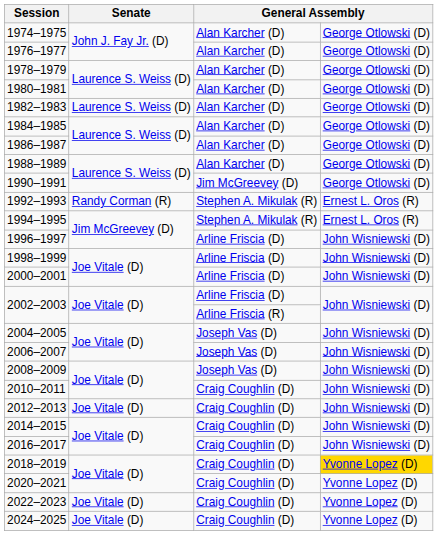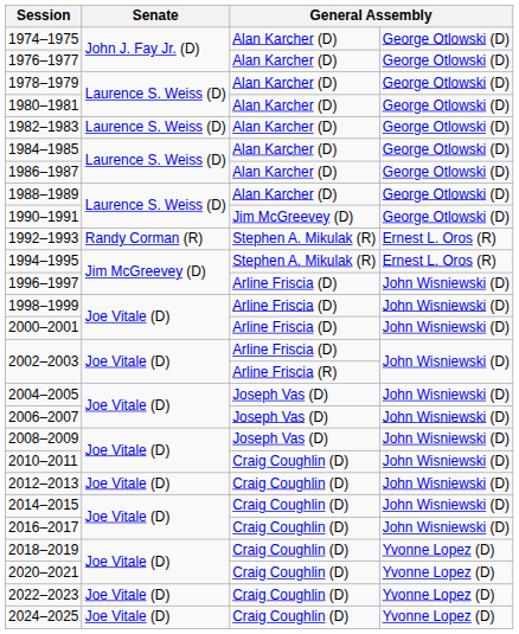 <table class="wikitable">
 <tr>
 <th>Session</th>
 <th>Senate</th>
 <th colspan=2>General Assembly</th>
 </tr>
 <tr>
 <td>1974–1975</td>
 <td rowspan=2 ><a href='#'>John J. Fay Jr.</a> (D)</td>
 <td><a href='#'>Alan Karcher</a> (D)</td>
 <td><a href='#'>George Otlowski</a> (D)</td>
 </tr>
 <tr>
 <td>1976–1977</td>
 <td><a href='#'>Alan Karcher</a> (D)</td>
 <td><a href='#'>George Otlowski</a> (D)</td>
 </tr>
 <tr>
 <td>1978–1979</td>
 <td rowspan=2 ><a href='#'>Laurence S. Weiss</a> (D)</td>
 <td><a href='#'>Alan Karcher</a> (D)</td>
 <td><a href='#'>George Otlowski</a> (D)</td>
 </tr>
 <tr>
 <td>1980–1981</td>
 <td><a href='#'>Alan Karcher</a> (D)</td>
 <td><a href='#'>George Otlowski</a> (D)</td>
 </tr>
 <tr>
 <td>1982–1983</td>
 <td><a href='#'>Laurence S. Weiss</a> (D)</td>
 <td><a href='#'>Alan Karcher</a> (D)</td>
 <td><a href='#'>George Otlowski</a> (D)</td>
 </tr>
 <tr>
 <td>1984–1985</td>
 <td rowspan=2 ><a href='#'>Laurence S. Weiss</a> (D)</td>
 <td><a href='#'>Alan Karcher</a> (D)</td>
 <td><a href='#'>George Otlowski</a> (D)</td>
 </tr>
 <tr>
 <td>1986–1987</td>
 <td><a href='#'>Alan Karcher</a> (D)</td>
 <td><a href='#'>George Otlowski</a> (D)</td>
 </tr>
 <tr>
 <td>1988–1989</td>
 <td rowspan=2 ><a href='#'>Laurence S. Weiss</a> (D)</td>
 <td><a href='#'>Alan Karcher</a> (D)</td>
 <td><a href='#'>George Otlowski</a> (D)</td>
 </tr>
 <tr>
 <td>1990–1991</td>
 <td><a href='#'>Jim McGreevey</a> (D)</td>
 <td><a href='#'>George Otlowski</a> (D)</td>
 </tr>
 <tr>
 <td>1992–1993</td>
 <td><a href='#'>Randy Corman</a> (R)</td>
 <td><a href='#'>Stephen A. Mikulak</a> (R)</td>
 <td><a href='#'>Ernest L. Oros</a> (R)</td>
 </tr>
 <tr>
 <td>1994–1995</td>
 <td !! ! rowspan=2 ><a href='#'>Jim McGreevey</a> (D)</td>
 <td><a href='#'>Stephen A. Mikulak</a> (R)</td>
 <td><a href='#'>Ernest L. Oros</a> (R)</td>
 </tr>
 <tr>
 <td>1996–1997</td>
 <td><a href='#'>Arline Friscia</a> (D)</td>
 <td><a href='#'>John Wisniewski</a> (D)</td>
 </tr>
 <tr>
 <td>1998–1999</td>
 <td rowspan=2 ><a href='#'>Joe Vitale</a> (D)</td>
 <td><a href='#'>Arline Friscia</a> (D)</td>
 <td><a href='#'>John Wisniewski</a> (D)</td>
 </tr>
 <tr>
 <td>2000–2001</td>
 <td><a href='#'>Arline Friscia</a> (D)</td>
 <td><a href='#'>John Wisniewski</a> (D)</td>
 </tr>
 <tr>
 <td rowspan=2>2002–2003</td>
 <td rowspan=2 ><a href='#'>Joe Vitale</a> (D)</td>
 <td><a href='#'>Arline Friscia</a> (D)</td>
 <td rowspan=2 ><a href='#'>John Wisniewski</a> (D)</td>
 </tr>
 <tr>
 <td><a href='#'>Arline Friscia</a> (R)</td>
 </tr>
 <tr>
 <td>2004–2005</td>
 <td !! ! rowspan=2 ><a href='#'>Joe Vitale</a> (D)</td>
 <td><a href='#'>Joseph Vas</a> (D)</td>
 <td><a href='#'>John Wisniewski</a> (D)</td>
 </tr>
 <tr>
 <td>2006–2007</td>
 <td><a href='#'>Joseph Vas</a> (D)</td>
 <td><a href='#'>John Wisniewski</a> (D)</td>
 </tr>
 <tr>
 <td>2008–2009</td>
 <td rowspan=2 ><a href='#'>Joe Vitale</a> (D)</td>
 <td><a href='#'>Joseph Vas</a> (D)</td>
 <td><a href='#'>John Wisniewski</a> (D)</td>
 </tr>
 <tr>
 <td>2010–2011</td>
 <td><a href='#'>Craig Coughlin</a> (D)</td>
 <td><a href='#'>John Wisniewski</a> (D)</td>
 </tr>
 <tr>
 <td>2012–2013</td>
 <td><a href='#'>Joe Vitale</a> (D)</td>
 <td><a href='#'>Craig Coughlin</a> (D)</td>
 <td><a href='#'>John Wisniewski</a> (D)</td>
 </tr>
 <tr>
 <td>2014–2015</td>
 <td rowspan=2 ><a href='#'>Joe Vitale</a> (D)</td>
 <td><a href='#'>Craig Coughlin</a> (D)</td>
 <td><a href='#'>John Wisniewski</a> (D)</td>
 </tr>
 <tr>
 <td>2016–2017</td>
 <td><a href='#'>Craig Coughlin</a> (D)</td>
 <td><a href='#'>John Wisniewski</a> (D)</td>
 </tr>
 <tr>
 <td>2018–2019</td>
 <td rowspan=2 ><a href='#'>Joe Vitale</a> (D)</td>
 <td><a href='#'>Craig Coughlin</a> (D)</td>
-<td style="background: gold;"><a href='#'>Yvonne Lopez</a> (D)</td>
+<td><a href='#'>Yvonne Lopez</a> (D)</td>
 </tr>
 <tr>
 <td>2020–2021</td>
 <td><a href='#'>Craig Coughlin</a> (D)</td>
 <td><a href='#'>Yvonne Lopez</a> (D)</td>
 </tr>
 <tr>
 <td>2022–2023</td>
 <td><a href='#'>Joe Vitale</a> (D)</td>
 <td><a href='#'>Craig Coughlin</a> (D)</td>
 <td><a href='#'>Yvonne Lopez</a> (D)</td>
 </tr>
 <tr>
 <td>2024–2025</td>
 <td><a href='#'>Joe Vitale</a> (D)</td>
 <td><a href='#'>Craig Coughlin</a> (D)</td>
 <td><a href='#'>Yvonne Lopez</a> (D)</td>
 </tr>
 </table>
